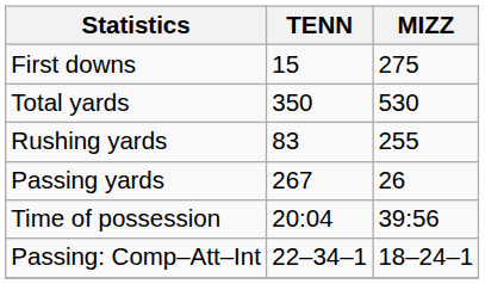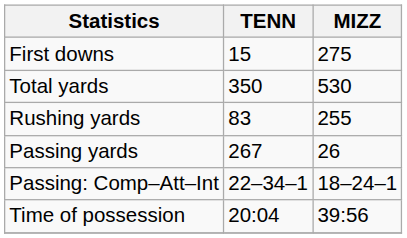 <table class="wikitable" style="float: left;">
 <tr>
 <th>Statistics</th>
 <th>TENN</th>
 <th>MIZZ</th>
 </tr>
 <tr>
 <td>First downs</td>
 <td>15</td>
 <td>275</td>
 </tr>
 <tr>
 <td>Total yards</td>
 <td>350</td>
 <td>530</td>
 </tr>
 <tr>
 <td>Rushing yards</td>
 <td>83</td>
 <td>255</td>
 </tr>
 <tr>
 <td>Passing yards</td>
 <td>267</td>
 <td>26</td>
 </tr>
 <tr>
+<td>Passing: Comp–Att–Int</td>
+<td>22–34–1</td>
+<td>18–24–1</td>
+</tr>
+<tr>
 <td>Time of possession</td>
 <td>20:04</td>
 <td>39:56</td>
 </tr>
 <tr>
-<td>Passing: Comp–Att–Int</td>
-<td>22–34–1</td>
-<td>18–24–1</td>
-</tr>
-<tr>
 </tr>
 </table>
